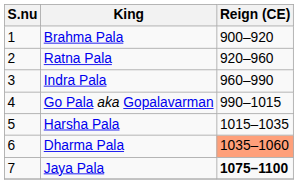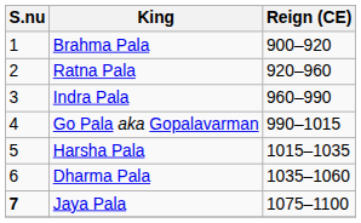 <table class="wikitable">
 <tr>
 <th>S.nu</th>
 <th>King</th>
 <th>Reign (CE)</th>
 </tr>
 <tr>
 <td>1</td>
 <td><a href='#'>Brahma Pala</a></td>
 <td>900–920</td>
 </tr>
 <tr>
 <td>2</td>
 <td><a href='#'>Ratna Pala</a></td>
 <td>920–960</td>
 </tr>
 <tr>
 <td>3</td>
 <td><a href='#'>Indra Pala</a></td>
 <td>960–990</td>
 </tr>
 <tr>
 <td>4</td>
 <td><a href='#'>Go Pala</a> <em>aka</em> <a href='#'>Gopalavarman</a></td>
 <td>990–1015</td>
 </tr>
 <tr>
 <td>5</td>
 <td><a href='#'>Harsha Pala</a></td>
 <td>1015–1035</td>
 </tr>
 <tr>
 <td>6</td>
 <td><a href='#'>Dharma Pala</a></td>
-<td style="background: lightsalmon;">1035–1060</td>
+<td>1035–1060</td>
 </tr>
 <tr>
-<td>7</td>
+<td><strong>7</strong></td>
 <td><a href='#'>Jaya Pala</a></td>
-<td><strong>1075–1100</strong></td>
+<td>1075–1100</td>
 </tr>
 <tr>
 </tr>
 </table>
